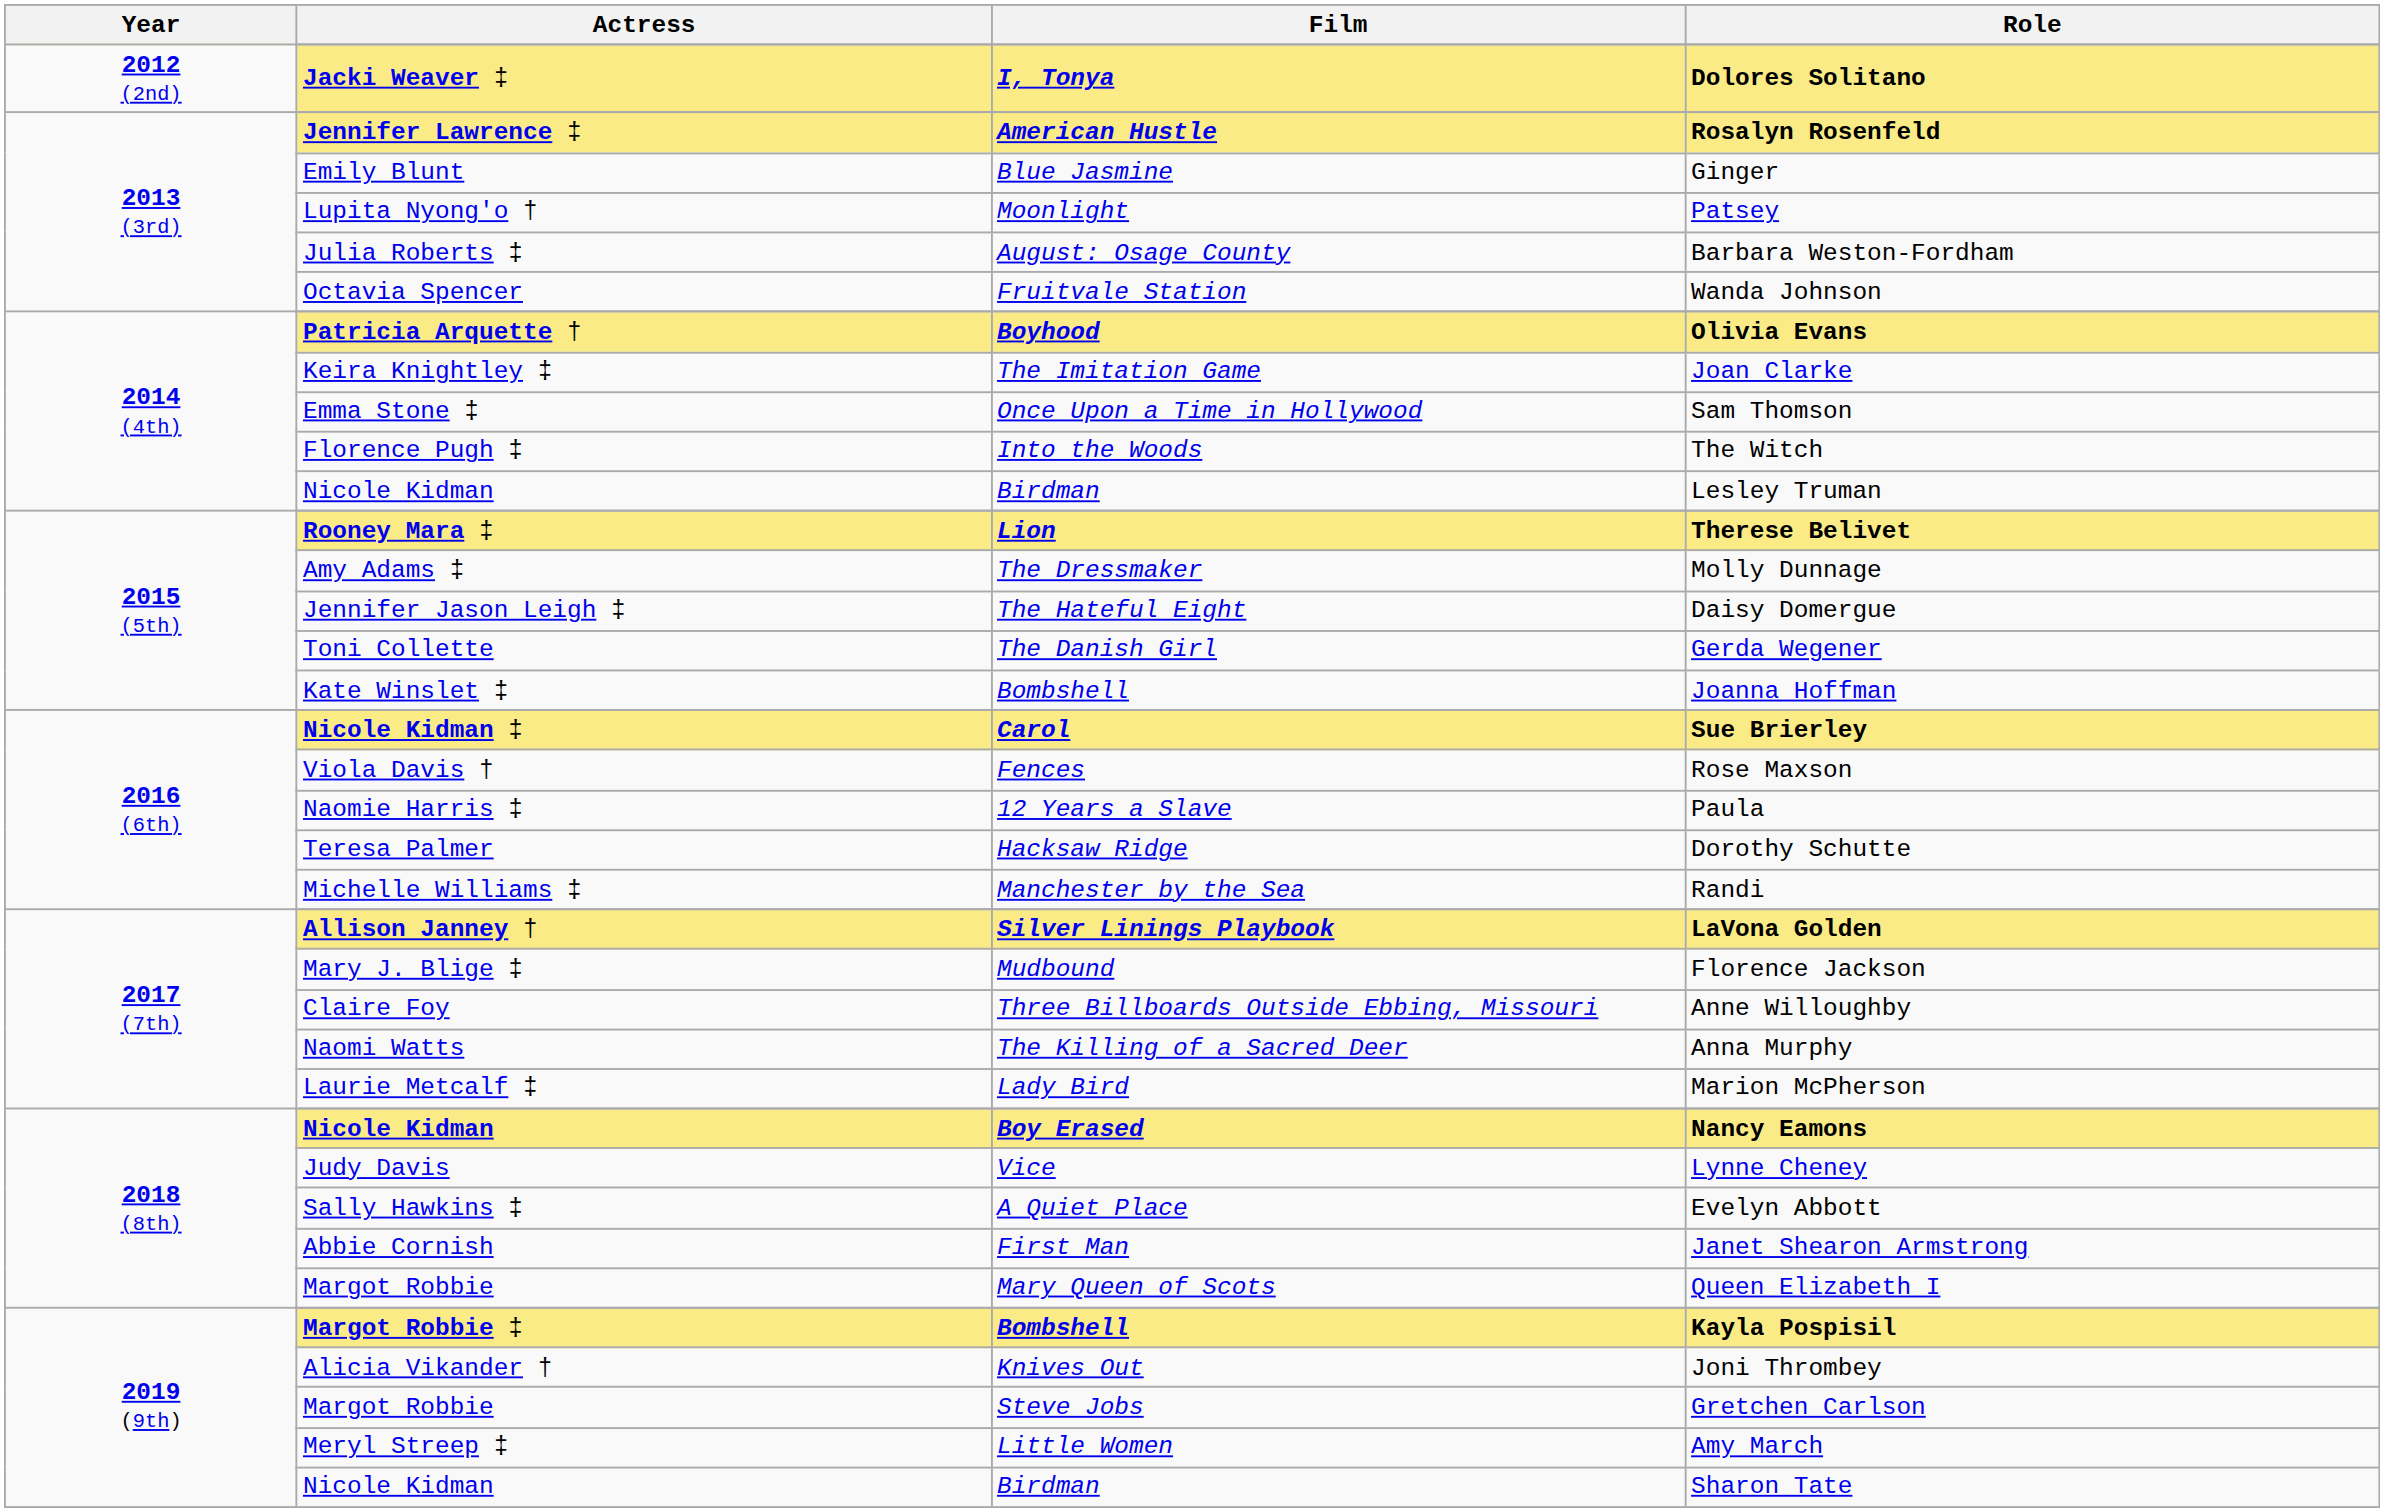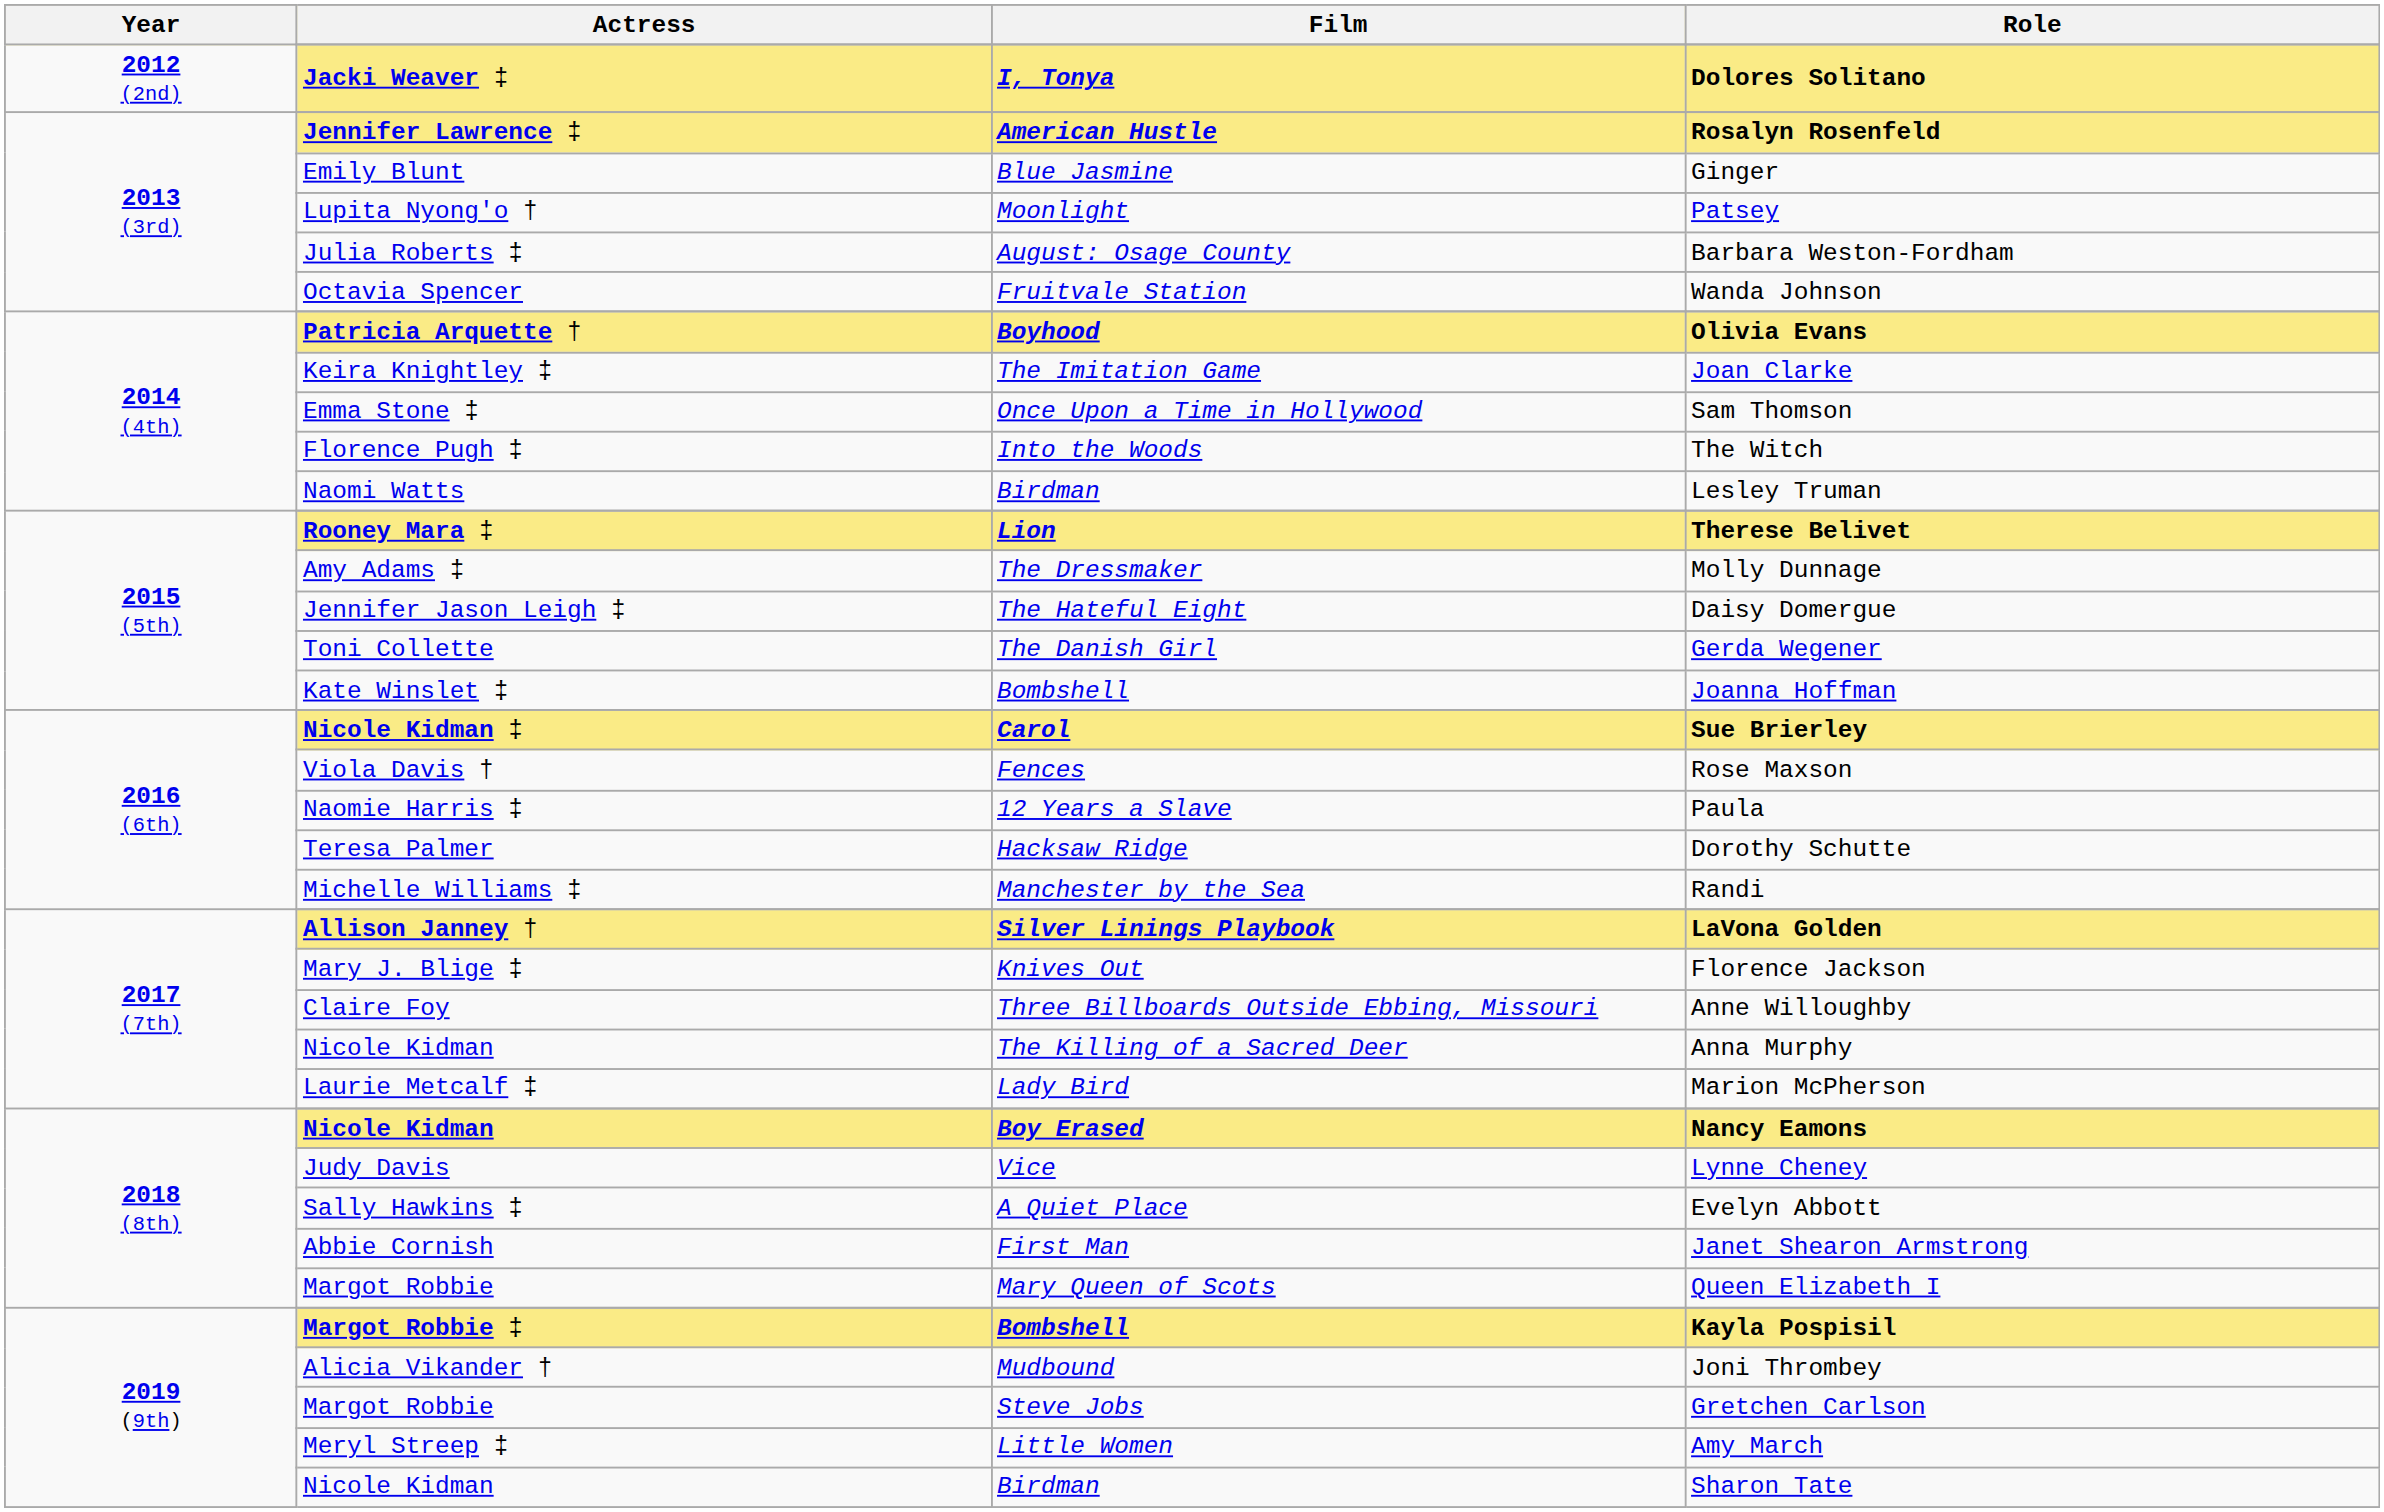 <table class="wikitable" style="width:100%">
 <tr bgcolor="#FAEB86">
 <th width="8%">Year</th>
 <th width="19%">Actress</th>
 <th width="19%">Film</th>
 <th width="19%">Role</th>
 </tr>
 <tr>
 <td rowspan=2 style="text-align:center"><strong><a href='#'>2012</a></strong><br><small><a href='#'>(2nd)</a></small></td>
 </tr>
 <tr style="background:#FAEB86;">
 <td><strong><a href='#'>Jacki Weaver</a></strong> ‡</td>
 <td><strong><em><a href='#'>I, Tonya</a></em></strong></td>
 <td><strong>Dolores Solitano</strong></td>
 </tr>
 <tr>
 <td rowspan=6 style="text-align:center"><strong><a href='#'>2013</a></strong><br><small><a href='#'>(3rd)</a></small></td>
 </tr>
 <tr style="background:#FAEB86;">
 <td><strong><a href='#'>Jennifer Lawrence</a></strong> ‡</td>
 <td><strong><em><a href='#'>American Hustle</a></em></strong></td>
 <td><strong>Rosalyn Rosenfeld</strong></td>
 </tr>
 <tr>
 <td><a href='#'>Emily Blunt</a></td>
 <td><em><a href='#'>Blue Jasmine</a></em></td>
 <td>Ginger</td>
 </tr>
 <tr>
 <td><a href='#'>Lupita Nyong'o</a> †</td>
 <td><em><a href='#'>Moonlight</a></em></td>
 <td><a href='#'>Patsey</a></td>
 </tr>
 <tr>
 <td><a href='#'>Julia Roberts</a> ‡</td>
 <td><em><a href='#'>August: Osage County</a></em></td>
 <td>Barbara Weston-Fordham</td>
 </tr>
 <tr>
 <td><a href='#'>Octavia Spencer</a></td>
 <td><em><a href='#'>Fruitvale Station</a></em></td>
 <td>Wanda Johnson</td>
 </tr>
 <tr>
 <td rowspan=6 style="text-align:center"><strong><a href='#'>2014</a></strong><br><small><a href='#'>(4th)</a></small></td>
 </tr>
 <tr style="background:#FAEB86;">
 <td><strong><a href='#'>Patricia Arquette</a></strong> †</td>
 <td><strong><em><a href='#'>Boyhood</a></em></strong></td>
 <td><strong>Olivia Evans</strong></td>
 </tr>
 <tr>
 <td><a href='#'>Keira Knightley</a> ‡</td>
 <td><em><a href='#'>The Imitation Game</a></em></td>
 <td><a href='#'>Joan Clarke</a></td>
 </tr>
 <tr>
 <td><a href='#'>Emma Stone</a> ‡</td>
 <td><em><a href='#'>Once Upon a Time in Hollywood</a></em></td>
 <td>Sam Thomson</td>
 </tr>
 <tr>
 <td><a href='#'>Florence Pugh</a> ‡</td>
 <td><em><a href='#'>Into the Woods</a></em></td>
 <td>The Witch</td>
 </tr>
 <tr>
-<td><a href='#'>Nicole Kidman</a></td>
+<td><a href='#'>Naomi Watts</a></td>
 <td><em><a href='#'>Birdman</a></em></td>
 <td>Lesley Truman</td>
 </tr>
 <tr>
 <td rowspan=6 style="text-align:center"><strong><a href='#'>2015</a></strong><br><small><a href='#'>(5th)</a></small></td>
 </tr>
 <tr style="background:#FAEB86;">
 <td><strong><a href='#'>Rooney Mara</a></strong> ‡</td>
 <td><strong><em><a href='#'>Lion</a></em></strong></td>
 <td><strong>Therese Belivet</strong></td>
 </tr>
 <tr>
 <td><a href='#'>Amy Adams</a> ‡</td>
 <td><em><a href='#'>The Dressmaker</a></em></td>
 <td>Molly Dunnage</td>
 </tr>
 <tr>
 <td><a href='#'>Jennifer Jason Leigh</a> ‡</td>
 <td><em><a href='#'>The Hateful Eight</a></em></td>
 <td>Daisy Domergue</td>
 </tr>
 <tr>
 <td><a href='#'>Toni Collette</a></td>
 <td><em><a href='#'>The Danish Girl</a></em></td>
 <td><a href='#'>Gerda Wegener</a></td>
 </tr>
 <tr>
 <td><a href='#'>Kate Winslet</a> ‡</td>
 <td><em><a href='#'>Bombshell</a></em></td>
 <td><a href='#'>Joanna Hoffman</a></td>
 </tr>
 <tr>
 <td rowspan=6 style="text-align:center"><strong><a href='#'>2016</a></strong><br><small><a href='#'>(6th)</a></small></td>
 </tr>
 <tr style="background:#FAEB86;">
 <td><strong><a href='#'>Nicole Kidman</a></strong> ‡</td>
 <td><strong><em><a href='#'>Carol</a></em></strong></td>
 <td><strong>Sue Brierley</strong></td>
 </tr>
 <tr>
 <td><a href='#'>Viola Davis</a> †</td>
 <td><em><a href='#'>Fences</a></em></td>
 <td>Rose Maxson</td>
 </tr>
 <tr>
 <td><a href='#'>Naomie Harris</a> ‡</td>
 <td><em><a href='#'>12 Years a Slave</a></em></td>
 <td>Paula</td>
 </tr>
 <tr>
 <td><a href='#'>Teresa Palmer</a></td>
 <td><em><a href='#'>Hacksaw Ridge</a></em></td>
 <td>Dorothy Schutte</td>
 </tr>
 <tr>
 <td><a href='#'>Michelle Williams</a> ‡</td>
 <td><em><a href='#'>Manchester by the Sea</a></em></td>
 <td>Randi</td>
 </tr>
 <tr>
 <td rowspan=6 style="text-align:center"><strong><a href='#'>2017</a></strong><br><small><a href='#'>(7th)</a></small></td>
 </tr>
 <tr style="background:#FAEB86;">
 <td><strong><a href='#'>Allison Janney</a></strong> †</td>
 <td><strong><em><a href='#'>Silver Linings Playbook</a></em></strong></td>
 <td><strong>LaVona Golden</strong></td>
 </tr>
 <tr>
 <td><a href='#'>Mary J. Blige</a> ‡</td>
-<td><em><a href='#'>Mudbound</a></em></td>
+<td><em><a href='#'>Knives Out</a></em></td>
 <td>Florence Jackson</td>
 </tr>
 <tr>
 <td><a href='#'>Claire Foy</a></td>
 <td><em><a href='#'>Three Billboards Outside Ebbing, Missouri</a></em></td>
 <td>Anne Willoughby</td>
 </tr>
 <tr>
-<td><a href='#'>Naomi Watts</a></td>
+<td><a href='#'>Nicole Kidman</a></td>
 <td><em><a href='#'>The Killing of a Sacred Deer</a></em></td>
 <td>Anna Murphy</td>
 </tr>
 <tr>
 <td><a href='#'>Laurie Metcalf</a> ‡</td>
 <td><em><a href='#'>Lady Bird</a></em></td>
 <td>Marion McPherson</td>
 </tr>
 <tr>
 <td rowspan=6 style="text-align:center"><strong><a href='#'>2018</a></strong><br><small><a href='#'>(8th)</a></small></td>
 </tr>
 <tr style="background:#FAEB86;">
 <td><strong><a href='#'>Nicole Kidman</a></strong></td>
 <td><strong><em><a href='#'>Boy Erased</a></em></strong></td>
 <td><strong>Nancy Eamons</strong></td>
 </tr>
 <tr>
 <td><a href='#'>Judy Davis</a></td>
 <td><em><a href='#'>Vice</a></em></td>
 <td><a href='#'>Lynne Cheney</a></td>
 </tr>
 <tr>
 <td><a href='#'>Sally Hawkins</a> ‡</td>
 <td><em><a href='#'>A Quiet Place</a></em></td>
 <td>Evelyn Abbott</td>
 </tr>
 <tr>
 <td><a href='#'>Abbie Cornish</a></td>
 <td><em><a href='#'>First Man</a></em></td>
 <td><a href='#'>Janet Shearon Armstrong</a></td>
 </tr>
 <tr>
 <td><a href='#'>Margot Robbie</a></td>
 <td><em><a href='#'>Mary Queen of Scots</a></em></td>
 <td><a href='#'>Queen Elizabeth I</a></td>
 </tr>
 <tr>
 <td rowspan=6 style="text-align:center"><strong><a href='#'>2019</a></strong><br><small>(<a href='#'>9th</a>)</small></td>
 </tr>
 <tr style="background:#FAEB86;">
 <td><strong><a href='#'>Margot Robbie</a></strong> ‡</td>
 <td><strong><em><a href='#'>Bombshell</a></em></strong></td>
 <td><strong>Kayla Pospisil</strong></td>
 </tr>
 <tr>
 <td><a href='#'>Alicia Vikander</a> †</td>
-<td><em><a href='#'>Knives Out</a></em></td>
+<td><em><a href='#'>Mudbound</a></em></td>
 <td>Joni Thrombey</td>
 </tr>
 <tr>
 <td><a href='#'>Margot Robbie</a></td>
 <td><em><a href='#'>Steve Jobs</a></em></td>
 <td><a href='#'>Gretchen Carlson</a></td>
 </tr>
 <tr>
 <td><a href='#'>Meryl Streep</a> ‡</td>
 <td><em><a href='#'>Little Women</a></em></td>
 <td><a href='#'>Amy March</a></td>
 </tr>
 <tr>
 <td><a href='#'>Nicole Kidman</a></td>
 <td><em><a href='#'>Birdman</a></em></td>
 <td><a href='#'>Sharon Tate</a></td>
 </tr>
 </table>
